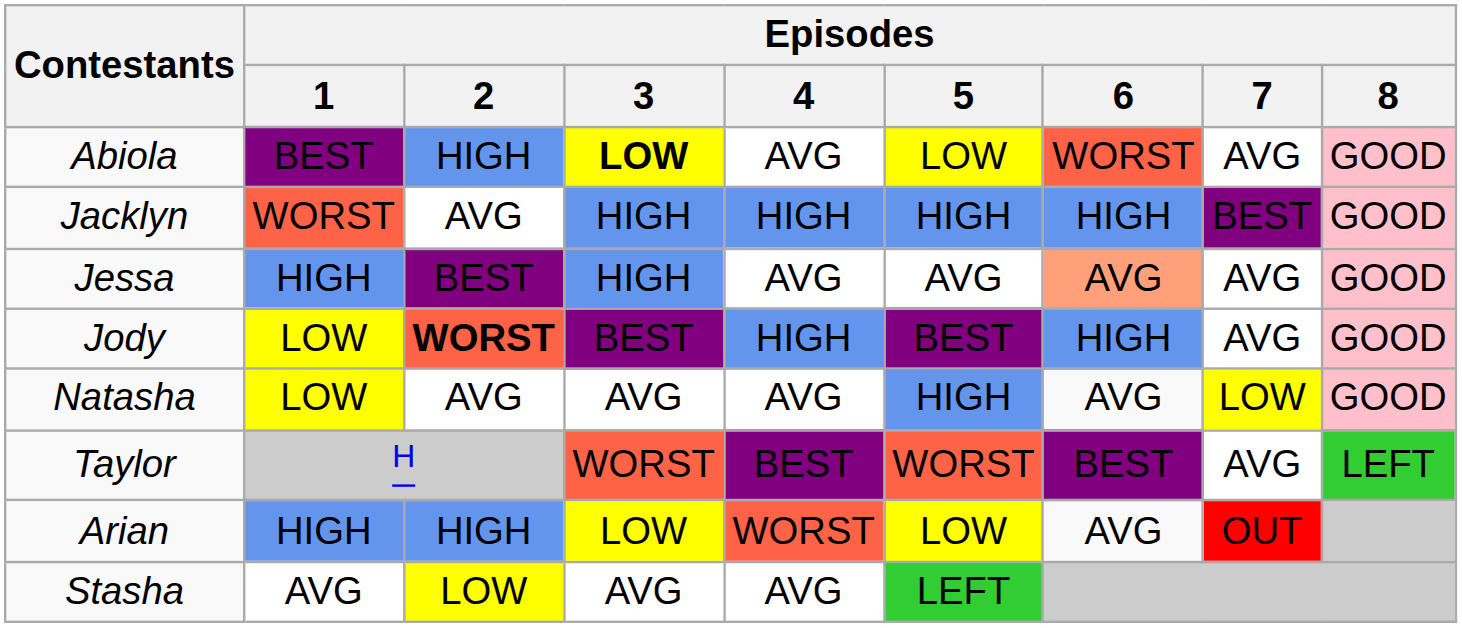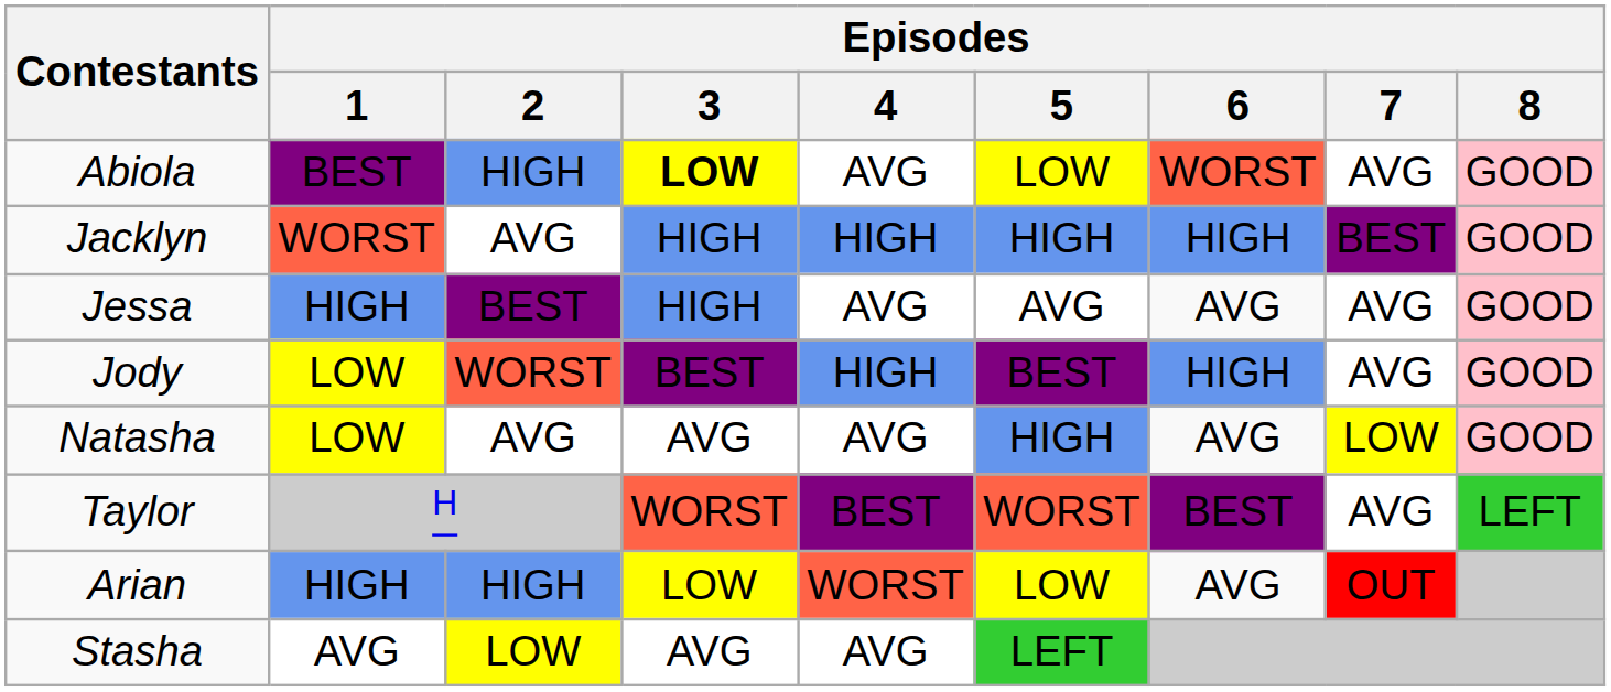 <table class="wikitable" style="text-align:center">
 <tr>
 <th rowspan=2>Contestants</th>
 <th colspan=8>Episodes</th>
 </tr>
 <tr>
 <th>1</th>
 <th>2</th>
 <th>3</th>
 <th>4</th>
 <th>5</th>
 <th>6</th>
 <th>7</th>
 <th>8</th>
 </tr>
 <tr>
 <td><em>Abiola</em></td>
 <td bgcolor="purple"><span>BEST</span></td>
 <td bgcolor="cornflowerblue">HIGH</td>
 <td bgcolor="yellow"><strong>LOW</strong></td>
 <td bgcolor="white">AVG</td>
 <td bgcolor="yellow">LOW</td>
 <td bgcolor="tomato">WORST</td>
 <td bgcolor="white">AVG</td>
 <td bgcolor="pink">GOOD</td>
 </tr>
 <tr>
 <td><em>Jacklyn</em></td>
 <td bgcolor="tomato">WORST</td>
 <td bgcolor="white">AVG</td>
 <td bgcolor="cornflowerblue">HIGH</td>
 <td bgcolor="cornflowerblue">HIGH</td>
 <td bgcolor="cornflowerblue">HIGH</td>
 <td bgcolor="cornflowerblue">HIGH</td>
 <td bgcolor="purple"><span>BEST</span></td>
 <td bgcolor="pink">GOOD</td>
 </tr>
 <tr>
 <td><em>Jessa</em></td>
 <td bgcolor="cornflowerblue">HIGH</td>
 <td bgcolor="purple"><span>BEST</span></td>
 <td bgcolor="cornflowerblue">HIGH</td>
 <td bgcolor="white">AVG</td>
 <td bgcolor="white">AVG</td>
-<td style="background: lightsalmon;">AVG</td>
+<td>AVG</td>
 <td bgcolor="white">AVG</td>
 <td bgcolor="pink">GOOD</td>
 </tr>
 <tr>
 <td><em>Jody</em></td>
 <td bgcolor="yellow">LOW</td>
-<td bgcolor="tomato"><strong>WORST</strong></td>
+<td bgcolor="tomato">WORST</td>
 <td bgcolor="purple"><span>BEST</span></td>
 <td bgcolor="cornflowerblue">HIGH</td>
 <td bgcolor="purple"><span>BEST</span></td>
 <td bgcolor="cornflowerblue">HIGH</td>
 <td bgcolor="white">AVG</td>
 <td bgcolor="pink">GOOD</td>
 </tr>
 <tr>
 <td><em>Natasha</em></td>
 <td bgcolor="yellow">LOW</td>
 <td bgcolor="white">AVG</td>
 <td bgcolor="white">AVG</td>
 <td bgcolor="white">AVG</td>
 <td bgcolor="cornflowerblue">HIGH</td>
 <td>AVG</td>
 <td bgcolor="yellow">LOW</td>
 <td bgcolor="pink">GOOD</td>
 </tr>
 <tr>
 <td><em>Taylor</em></td>
 <td bgcolor="#CCCCCC" colspan=2><a href='#'><sup>H</sup></a></td>
 <td bgcolor="tomato">WORST</td>
 <td bgcolor="purple"><span>BEST</span></td>
 <td bgcolor="tomato">WORST</td>
 <td bgcolor="purple"><span>BEST</span></td>
 <td bgcolor="white">AVG</td>
 <td bgcolor="limegreen">LEFT</td>
 </tr>
 <tr>
 <td><em>Arian</em></td>
 <td bgcolor="cornflowerblue">HIGH</td>
 <td bgcolor="cornflowerblue">HIGH</td>
 <td bgcolor="yellow">LOW</td>
 <td bgcolor="tomato">WORST</td>
 <td bgcolor="yellow">LOW</td>
 <td>AVG</td>
 <td bgcolor="red">OUT</td>
 <td bgcolor="#CCCCCC" colspan=1></td>
 </tr>
 <tr>
 <td><em>Stasha</em></td>
 <td bgcolor="white">AVG</td>
 <td bgcolor="yellow">LOW</td>
 <td bgcolor="white">AVG</td>
 <td bgcolor="white">AVG</td>
 <td bgcolor="limegreen">LEFT</td>
 <td bgcolor="#CCCCCC" colspan=3></td>
 </tr>
 </table>
